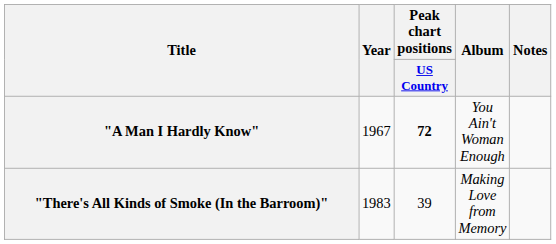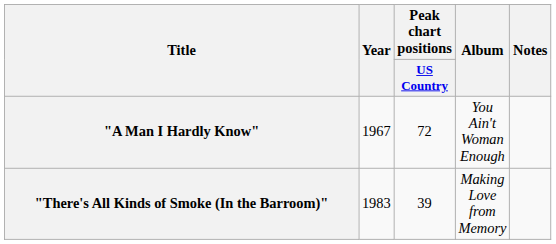 <table class="wikitable plainrowheaders" style="text-align:center;" border="1">
 <tr>
 <th scope="col" rowspan="2" style="width:27em;">Title</th>
 <th scope="col" rowspan="2">Year</th>
 <th scope="col" colspan="1">Peak<br>chart<br>positions</th>
 <th scope="col" rowspan="2">Album</th>
 <th scope="col" rowspan="2">Notes</th>
 </tr>
 <tr>
 <th scope="col" style="width:3em;font-size:90%;"><a href='#'>US<br>Country</a><br></th>
 </tr>
 <tr>
 <th scope="row">"A Man I Hardly Know"</th>
 <td>1967</td>
-<td><strong>72</strong></td>
+<td>72</td>
 <td><em>You Ain't Woman Enough</em></td>
 <td></td>
 </tr>
 <tr>
 <th scope="row">"There's All Kinds of Smoke (In the Barroom)"</th>
 <td>1983</td>
 <td>39</td>
 <td><em>Making Love from Memory</em></td>
 <td></td>
 </tr>
 </table>
